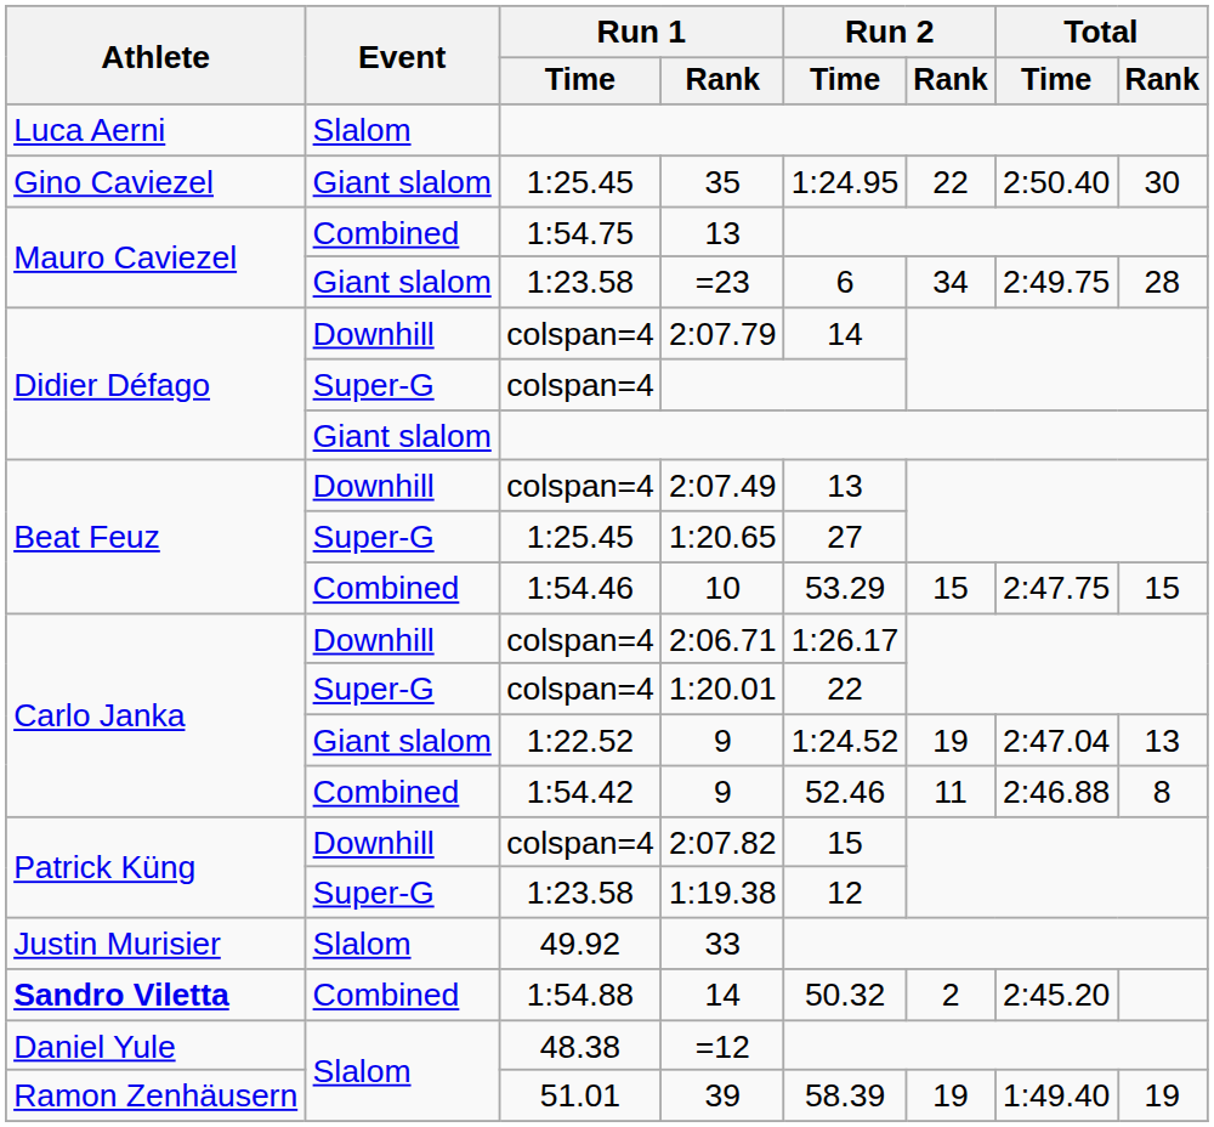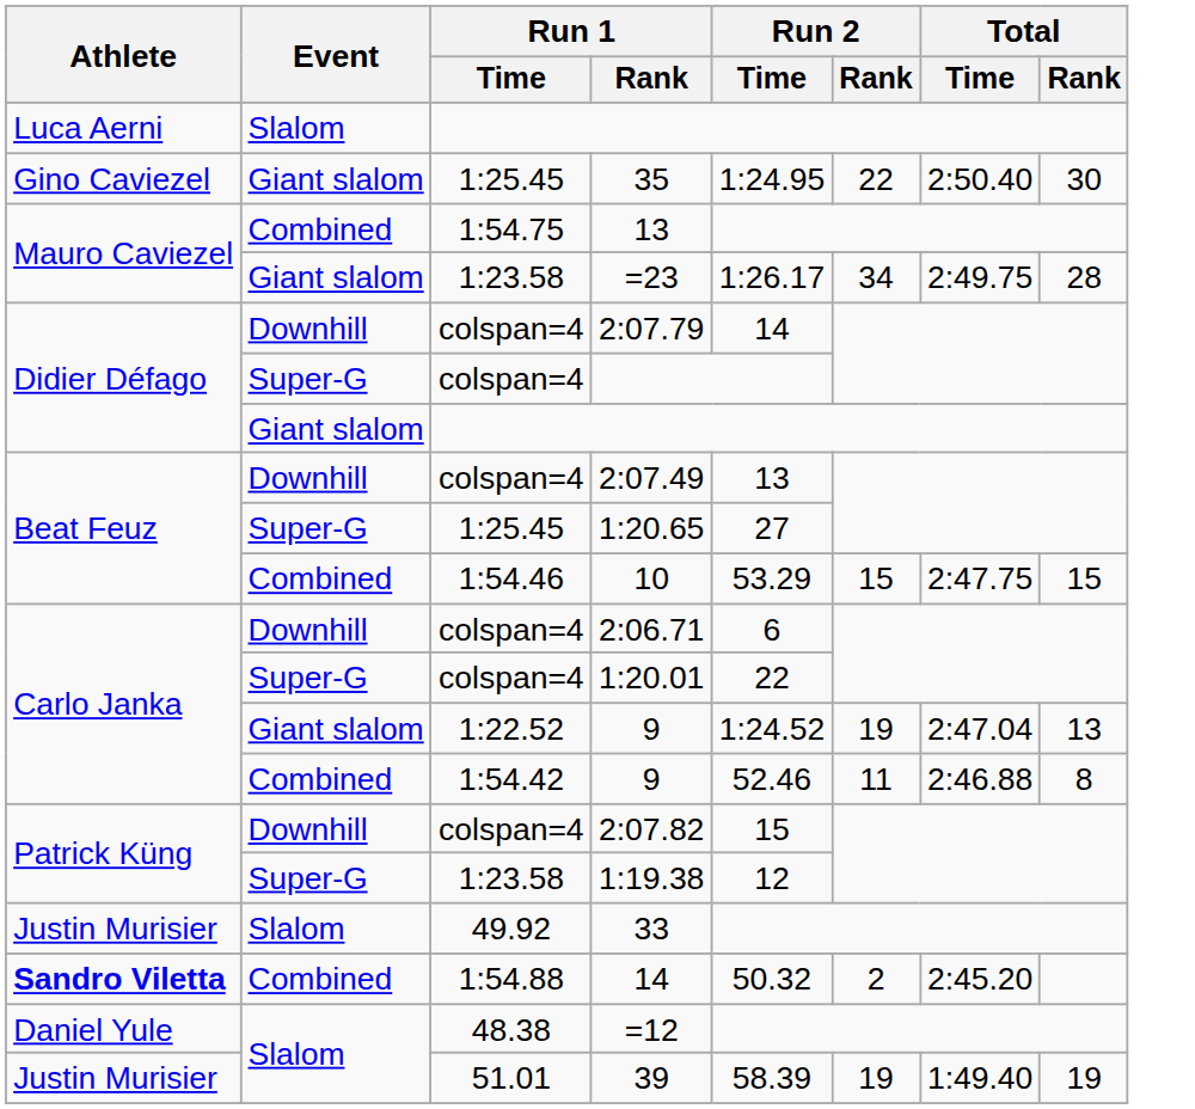 <table class="wikitable" style="font-size:90%">
 <tr>
 <th rowspan=2>Athlete</th>
 <th rowspan=2>Event</th>
 <th colspan=2>Run 1</th>
 <th colspan=2>Run 2</th>
 <th colspan=2>Total</th>
 </tr>
 <tr style="font-size:95%">
 <th>Time</th>
 <th>Rank</th>
 <th>Time</th>
 <th>Rank</th>
 <th>Time</th>
 <th>Rank</th>
 </tr>
 <tr align=center>
 <td align=left><a href='#'>Luca Aerni</a></td>
 <td align=left><a href='#'>Slalom</a></td>
 <td colspan=6></td>
 </tr>
 <tr align=center>
 <td align=left><a href='#'>Gino Caviezel</a></td>
 <td align=left><a href='#'>Giant slalom</a></td>
 <td>1:25.45</td>
 <td>35</td>
 <td>1:24.95</td>
 <td>22</td>
 <td>2:50.40</td>
 <td>30</td>
 </tr>
 <tr align=center>
 <td align=left rowspan=2><a href='#'>Mauro Caviezel</a></td>
 <td align=left><a href='#'>Combined</a></td>
 <td>1:54.75</td>
 <td>13</td>
 <td colspan=4></td>
 </tr>
 <tr align=center>
 <td align=left><a href='#'>Giant slalom</a></td>
 <td>1:23.58</td>
 <td>=23</td>
-<td>6</td>
+<td>1:26.17</td>
 <td>34</td>
 <td>2:49.75</td>
 <td>28</td>
 </tr>
 <tr align=center>
 <td align=left rowspan=3><a href='#'>Didier Défago</a></td>
 <td align=left><a href='#'>Downhill</a></td>
 <td>colspan=4 </td>
 <td>2:07.79</td>
 <td>14</td>
 </tr>
 <tr align=center>
 <td align=left><a href='#'>Super-G</a></td>
 <td>colspan=4 </td>
 <td colspan=2></td>
 </tr>
 <tr align=center>
 <td align=left><a href='#'>Giant slalom</a></td>
 <td colspan=6></td>
 </tr>
 <tr align=center>
 <td align=left rowspan=3><a href='#'>Beat Feuz</a></td>
 <td align=left><a href='#'>Downhill</a></td>
 <td>colspan=4 </td>
 <td>2:07.49</td>
 <td>13</td>
 </tr>
 <tr align=center>
 <td align=left><a href='#'>Super-G</a></td>
 <td>1:25.45</td>
 <td>1:20.65</td>
 <td>27</td>
 </tr>
 <tr align=center>
 <td align=left><a href='#'>Combined</a></td>
 <td>1:54.46</td>
 <td>10</td>
 <td>53.29</td>
 <td>15</td>
 <td>2:47.75</td>
 <td>15</td>
 </tr>
 <tr align=center>
 <td align=left rowspan=4><a href='#'>Carlo Janka</a></td>
 <td align=left><a href='#'>Downhill</a></td>
 <td>colspan=4 </td>
 <td>2:06.71</td>
-<td>1:26.17</td>
+<td>6</td>
 </tr>
 <tr align=center>
 <td align=left><a href='#'>Super-G</a></td>
 <td>colspan=4 </td>
 <td>1:20.01</td>
 <td>22</td>
 </tr>
 <tr align=center>
 <td align=left><a href='#'>Giant slalom</a></td>
 <td>1:22.52</td>
 <td>9</td>
 <td>1:24.52</td>
 <td>19</td>
 <td>2:47.04</td>
 <td>13</td>
 </tr>
 <tr align=center>
 <td align=left><a href='#'>Combined</a></td>
 <td>1:54.42</td>
 <td>9</td>
 <td>52.46</td>
 <td>11</td>
 <td>2:46.88</td>
 <td>8</td>
 </tr>
 <tr align=center>
 <td align=left rowspan=2><a href='#'>Patrick Küng</a></td>
 <td align=left><a href='#'>Downhill</a></td>
 <td>colspan=4 </td>
 <td>2:07.82</td>
 <td>15</td>
 </tr>
 <tr align=center>
 <td align=left><a href='#'>Super-G</a></td>
 <td>1:23.58</td>
 <td>1:19.38</td>
 <td>12</td>
 </tr>
 <tr align=center>
 <td align=left><a href='#'>Justin Murisier</a></td>
 <td align=left><a href='#'>Slalom</a></td>
 <td>49.92</td>
 <td>33</td>
 <td colspan=4></td>
 </tr>
 <tr align=center>
 <td align=left><strong><a href='#'>Sandro Viletta</a></strong></td>
 <td align=left><a href='#'>Combined</a></td>
 <td>1:54.88</td>
 <td>14</td>
 <td>50.32</td>
 <td>2</td>
 <td>2:45.20</td>
 <td></td>
 </tr>
 <tr align=center>
 <td align=left><a href='#'>Daniel Yule</a></td>
 <td align=left rowspan=2><a href='#'>Slalom</a></td>
 <td>48.38</td>
 <td>=12</td>
 <td colspan=4></td>
 </tr>
 <tr align=center>
-<td align=left><a href='#'>Ramon Zenhäusern</a></td>
+<td align=left><a href='#'>Justin Murisier</a></td>
 <td>51.01</td>
 <td>39</td>
 <td>58.39</td>
 <td>19</td>
 <td>1:49.40</td>
 <td>19</td>
 </tr>
 </table>
